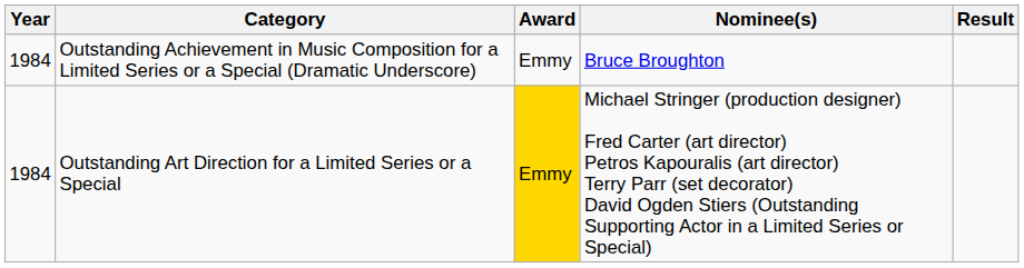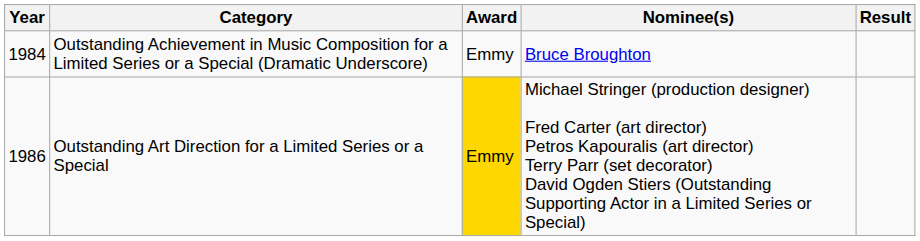 <table class="wikitable">
 <tr>
 <th>Year</th>
 <th>Category</th>
 <th>Award</th>
 <th>Nominee(s)</th>
 <th>Result</th>
 </tr>
 <tr>
 <td>1984</td>
 <td>Outstanding Achievement in Music Composition for a Limited Series or a Special (Dramatic Underscore)</td>
 <td>Emmy</td>
 <td><a href='#'>Bruce Broughton</a></td>
 <td></td>
 </tr>
 <tr>
-<td>1984</td>
+<td>1986</td>
 <td>Outstanding Art Direction for a Limited Series or a Special</td>
 <td style="background: gold;">Emmy</td>
 <td>Michael Stringer (production designer)<br><br>Fred Carter (art director)<br> Petros Kapouralis (art director)<br> Terry Parr (set decorator)<br>David Ogden Stiers (Outstanding Supporting Actor in a Limited Series or Special)</td>
 <td></td>
 </tr>
 </table>
